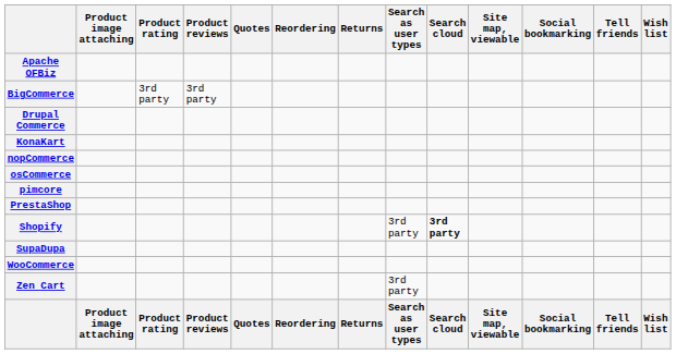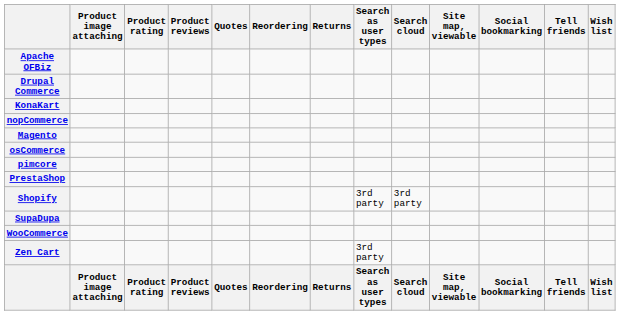 <table class="wikitable sortable" style="font-size:85%;">
 <tr>
 <th scope="row"></th>
 <th>Product image attaching</th>
 <th>Product rating</th>
 <th>Product reviews</th>
 <th>Quotes</th>
 <th>Reordering</th>
 <th>Returns</th>
 <th>Search as user types</th>
 <th>Search cloud</th>
 <th>Site map, viewable</th>
 <th>Social bookmarking</th>
 <th>Tell friends</th>
 <th>Wish list</th>
 </tr>
 <tr>
 <th scope="row"><a href='#'>Apache OFBiz</a></th>
 <td></td>
 <td></td>
 <td></td>
-<td></td>
-<td></td>
-<td></td>
-<td></td>
-<td></td>
-<td></td>
-<td></td>
-<td></td>
-<td></td>
-</tr>
-<tr>
-<th scope="row"><a href='#'>BigCommerce</a></th>
-<td></td>
-<td>3rd party</td>
-<td>3rd party</td>
 <td></td>
 <td></td>
 <td></td>
 <td></td>
 <td></td>
 <td></td>
 <td></td>
 <td></td>
 <td></td>
 </tr>
 <tr>
 <th scope="row"><a href='#'>Drupal Commerce</a></th>
 <td></td>
 <td></td>
 <td></td>
 <td></td>
 <td></td>
 <td></td>
 <td></td>
 <td></td>
 <td></td>
 <td></td>
 <td></td>
 <td></td>
 </tr>
 <tr>
 <th scope="row"><a href='#'>KonaKart</a></th>
 <td></td>
 <td></td>
 <td></td>
 <td></td>
 <td></td>
 <td></td>
 <td></td>
 <td></td>
 <td></td>
 <td></td>
 <td></td>
 <td></td>
 </tr>
 <tr>
 <th scope="row"><a href='#'>nopCommerce</a></th>
+<td></td>
+<td></td>
+<td></td>
+<td></td>
+<td></td>
+<td></td>
+<td></td>
+<td></td>
+<td></td>
+<td></td>
+<td></td>
+<td></td>
+</tr>
+<tr>
+<th scope="row"><a href='#'>Magento</a></th>
 <td></td>
 <td></td>
 <td></td>
 <td></td>
 <td></td>
 <td></td>
 <td></td>
 <td></td>
 <td></td>
 <td></td>
 <td></td>
 <td></td>
 </tr>
 <tr>
 <th scope="row"><a href='#'>osCommerce</a></th>
 <td></td>
 <td></td>
 <td></td>
 <td></td>
 <td></td>
 <td></td>
 <td></td>
 <td></td>
 <td></td>
 <td></td>
 <td></td>
 <td></td>
 </tr>
 <tr>
 <th scope="row"><a href='#'>pimcore</a></th>
 <td></td>
 <td></td>
 <td></td>
 <td></td>
 <td></td>
 <td></td>
 <td></td>
 <td></td>
 <td></td>
 <td></td>
 <td></td>
 <td></td>
 </tr>
 <tr>
 <th scope="row"><a href='#'>PrestaShop</a></th>
 <td></td>
 <td></td>
 <td></td>
 <td></td>
 <td></td>
 <td></td>
 <td></td>
 <td></td>
 <td></td>
 <td></td>
 <td></td>
 <td></td>
 </tr>
 <tr>
 <th scope="row"><a href='#'>Shopify</a></th>
 <td></td>
 <td></td>
 <td></td>
 <td></td>
 <td></td>
 <td></td>
 <td>3rd party</td>
-<td><strong>3rd party</strong></td>
+<td>3rd party</td>
 <td></td>
 <td></td>
 <td></td>
 <td></td>
 </tr>
 <tr>
 <th scope="row"><a href='#'>SupaDupa</a></th>
 <td></td>
 <td></td>
 <td></td>
 <td></td>
 <td></td>
 <td></td>
 <td></td>
 <td></td>
 <td></td>
 <td></td>
 <td></td>
 <td></td>
 </tr>
 <tr>
 <th scope="row"><a href='#'>WooCommerce</a></th>
 <td></td>
 <td></td>
 <td></td>
 <td></td>
 <td></td>
 <td></td>
 <td></td>
 <td></td>
 <td></td>
 <td></td>
 <td></td>
 <td></td>
 </tr>
 <tr>
 <th scope="row"><a href='#'>Zen Cart</a></th>
 <td></td>
 <td></td>
 <td></td>
 <td></td>
 <td></td>
 <td></td>
 <td>3rd party</td>
 <td></td>
 <td></td>
 <td></td>
 <td></td>
 <td></td>
 </tr>
 <tr class="sortbottom">
 <th></th>
 <th>Product image attaching</th>
 <th>Product rating</th>
 <th>Product reviews</th>
 <th>Quotes</th>
 <th>Reordering</th>
 <th>Returns</th>
 <th>Search as user types</th>
 <th>Search cloud</th>
 <th>Site map, viewable</th>
 <th>Social bookmarking</th>
 <th>Tell friends</th>
 <th>Wish list</th>
 </tr>
 </table>
